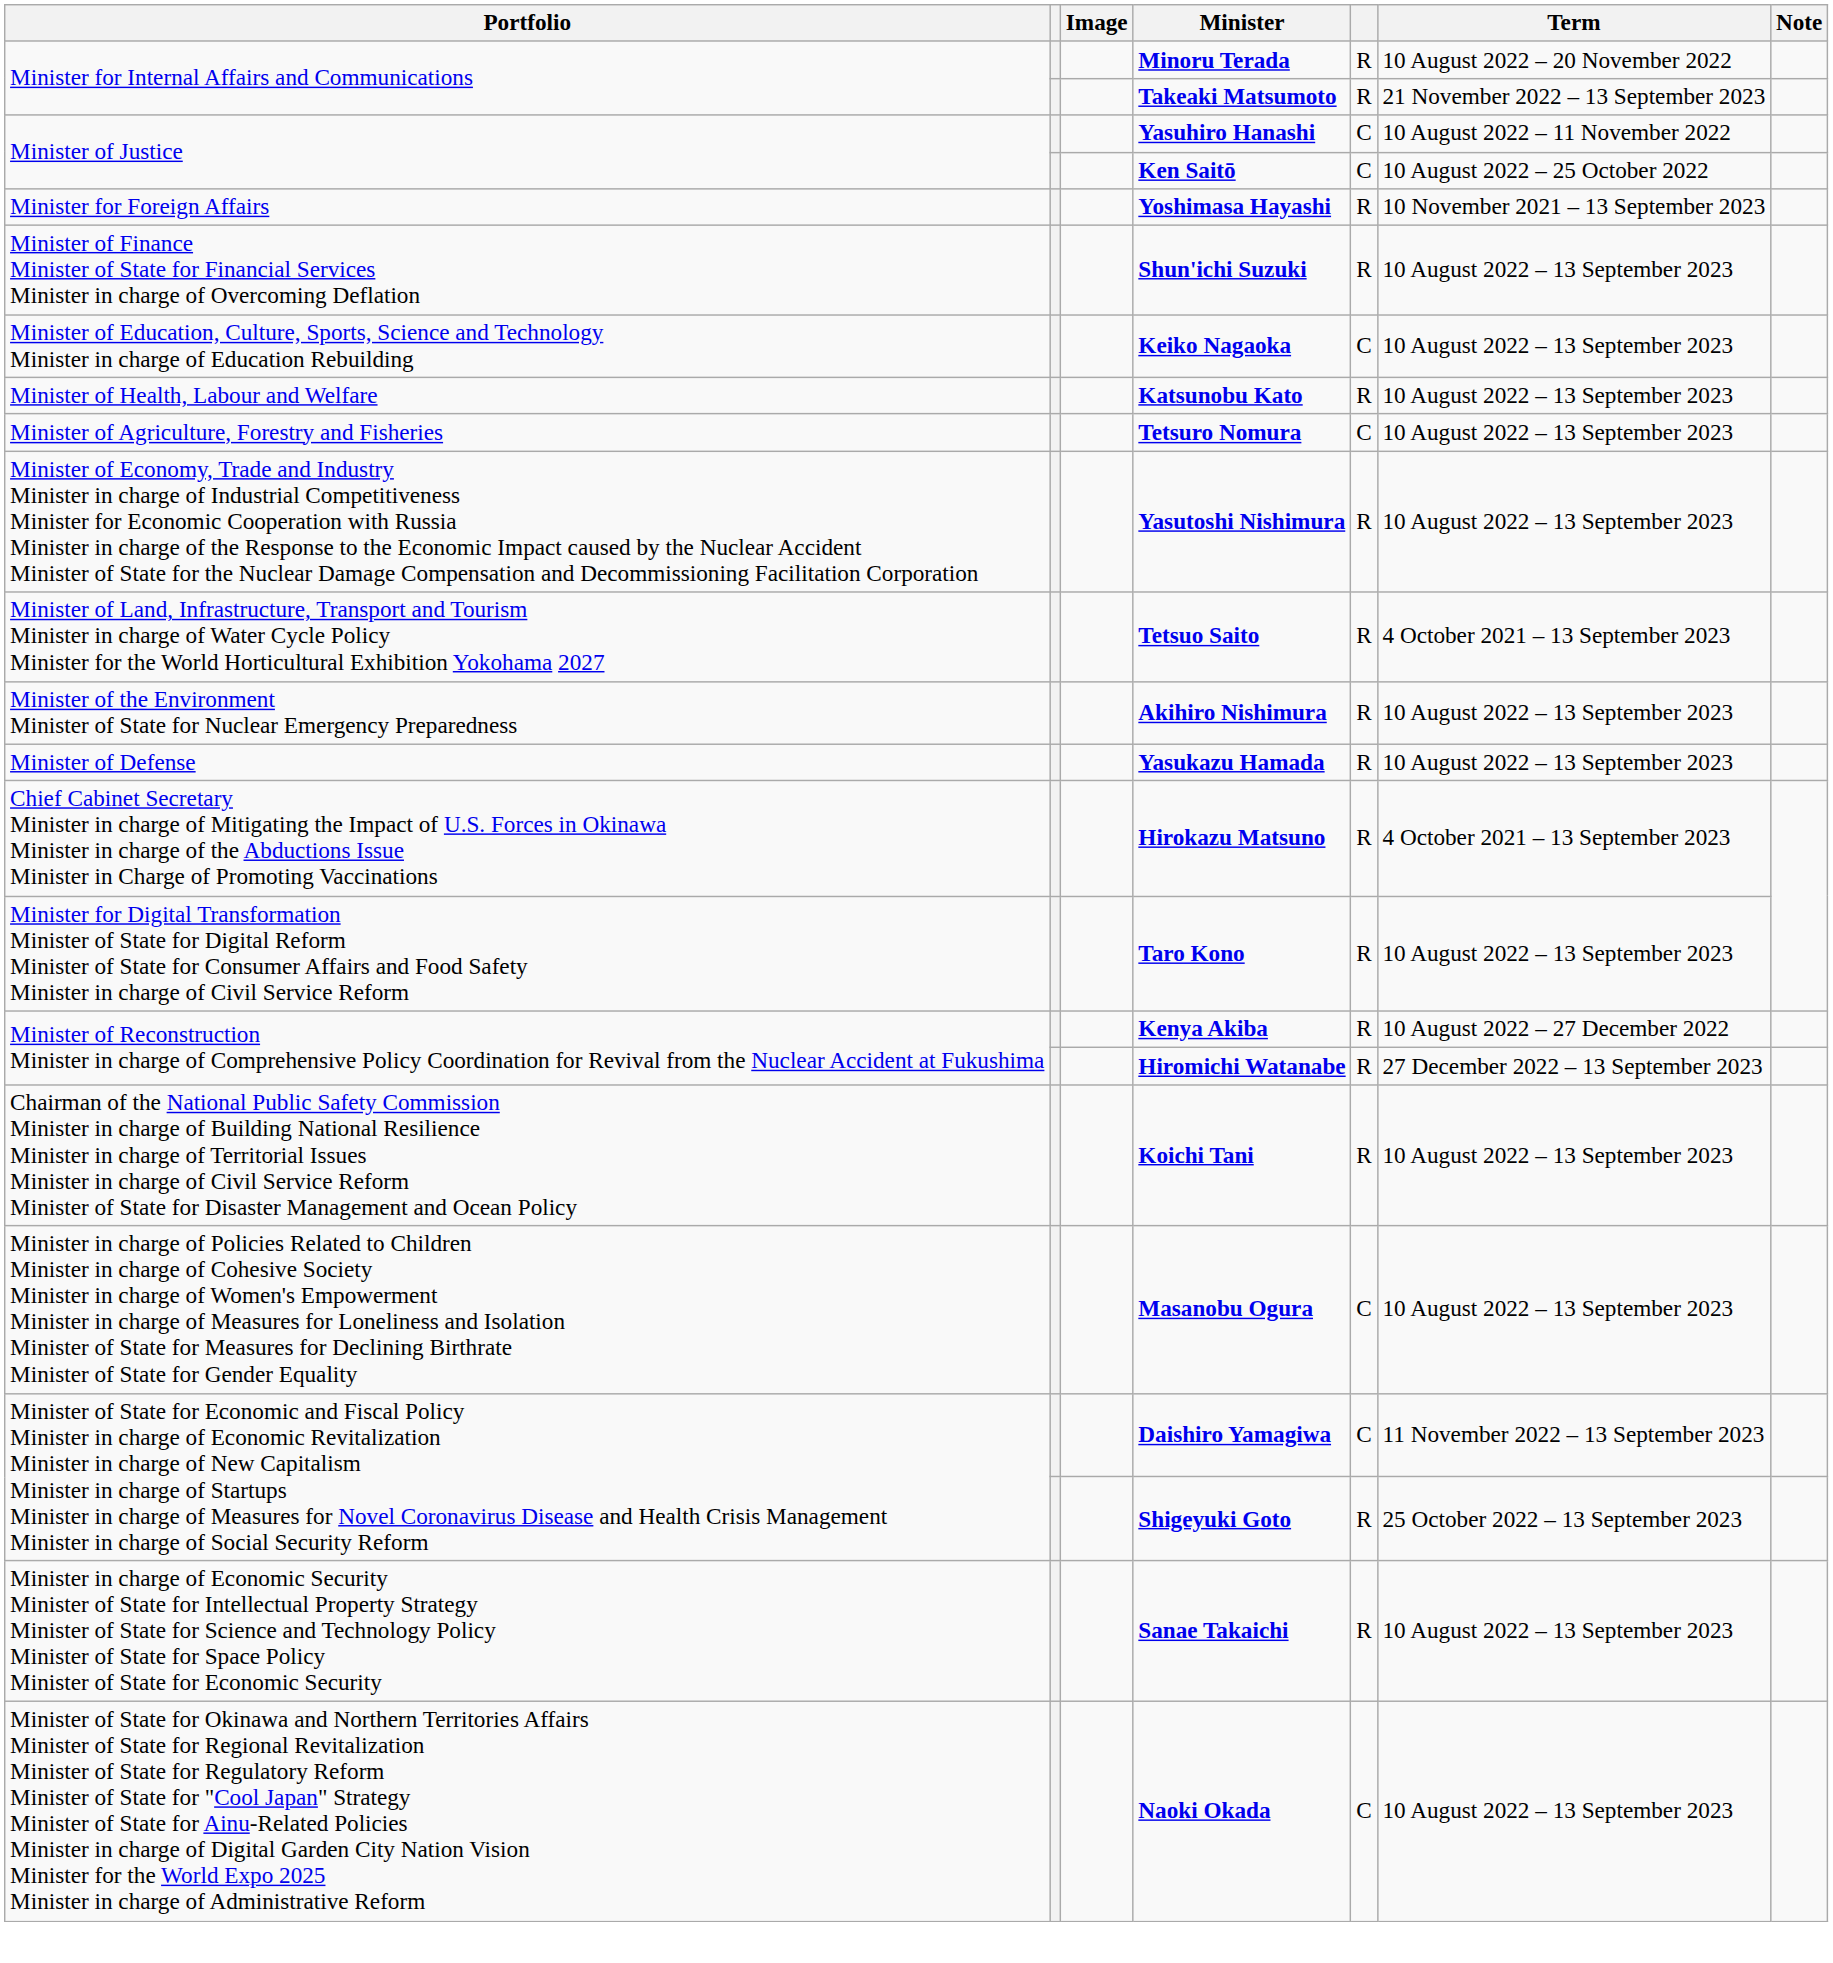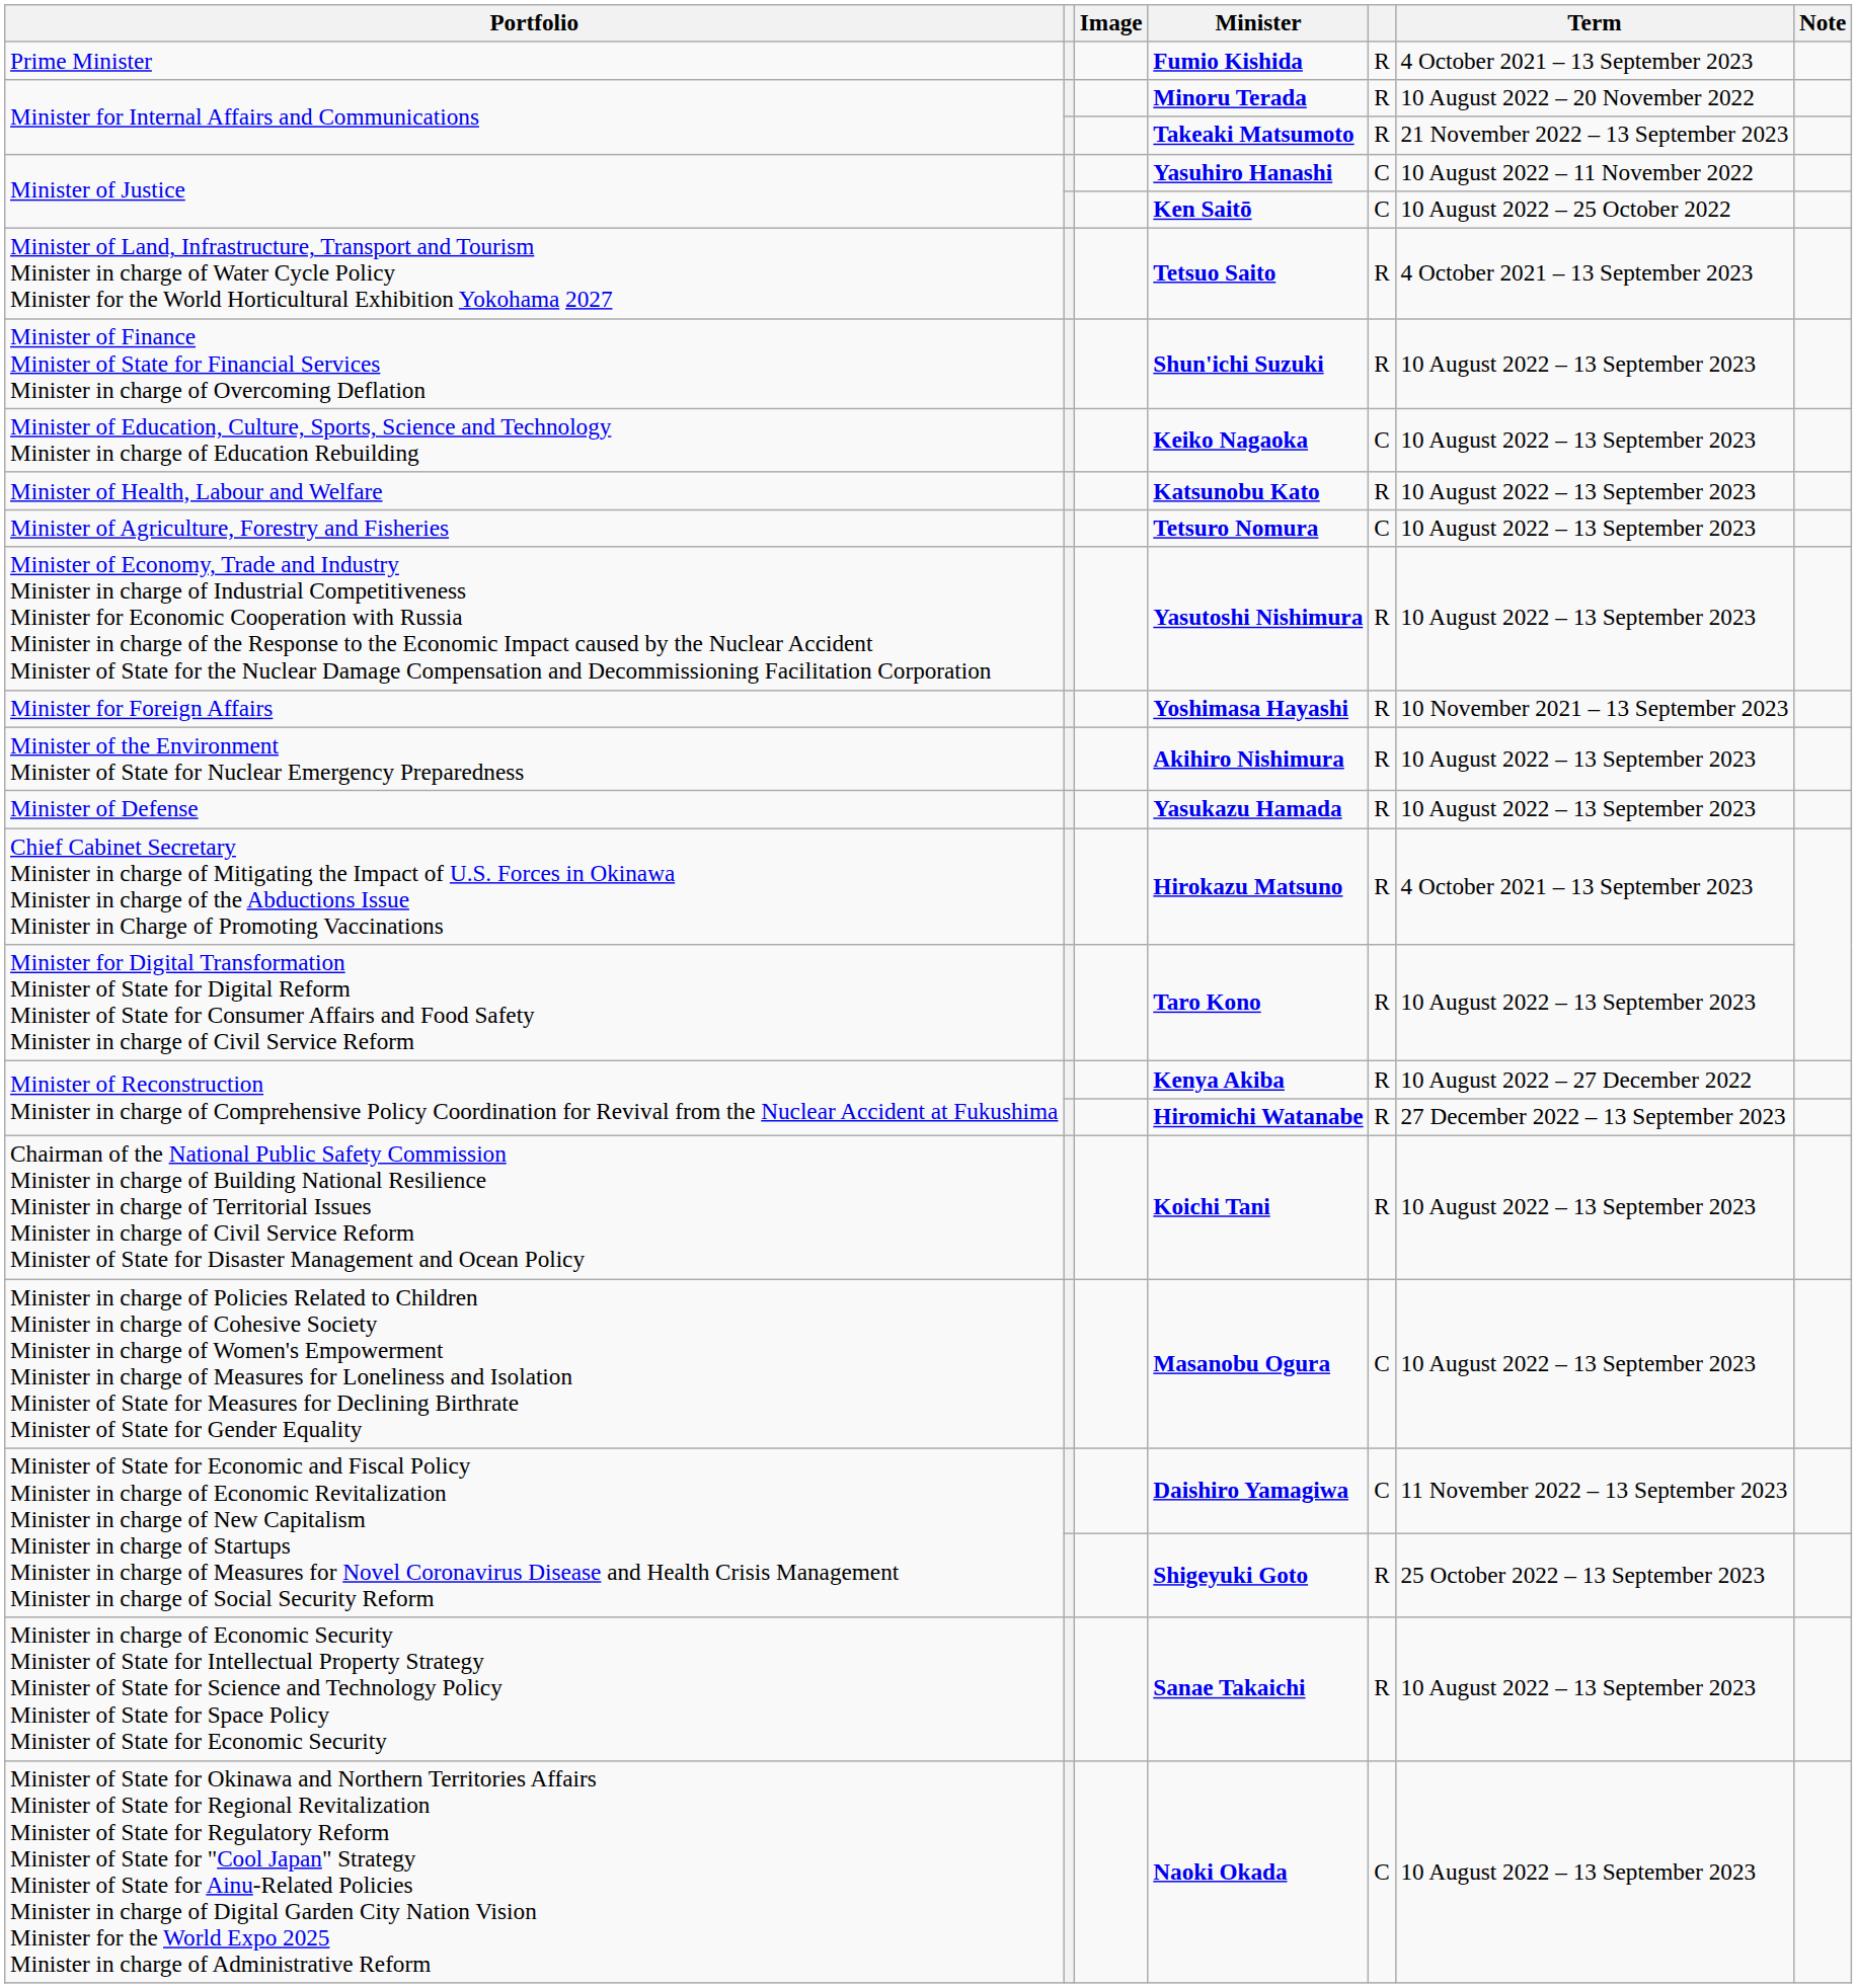 <table class="wikitable">
 <tr>
 <th>Portfolio</th>
 <th></th>
 <th>Image</th>
 <th>Minister</th>
 <th></th>
 <th>Term</th>
 <th>Note</th>
+</tr>
+<tr>
+<td><a href='#'>Prime Minister</a></td>
+<th style="color:inherit;background-color: "></th>
+<td style="text-align:center;"></td>
+<td><strong><a href='#'>Fumio Kishida</a></strong></td>
+<td>R</td>
+<td>4 October 2021 – 13 September 2023</td>
+<td></td>
 </tr>
 <tr>
 <td rowspan="2"><a href='#'>Minister for Internal Affairs and Communications</a></td>
 <th style="color:inherit;background-color: "></th>
 <td style="text-align:center;"></td>
 <td><strong><a href='#'>Minoru Terada</a></strong></td>
 <td>R</td>
 <td>10 August 2022 – 20 November 2022</td>
 <td></td>
 </tr>
 <tr>
 <th style="color:inherit;background-color: "></th>
 <td style="text-align:center;"></td>
 <td><strong><a href='#'>Takeaki Matsumoto</a></strong></td>
 <td>R</td>
 <td>21 November 2022 – 13 September 2023</td>
 <td></td>
 </tr>
 <tr>
 <td rowspan="2"><a href='#'>Minister of Justice</a></td>
 <th style="color:inherit;background-color: "></th>
 <td style="text-align:center;"></td>
 <td><strong><a href='#'>Yasuhiro Hanashi</a></strong></td>
 <td>C</td>
 <td>10 August 2022 – 11 November 2022</td>
 <td></td>
 </tr>
 <tr>
 <th style="color:inherit;background-color: "></th>
 <td style="text-align:center;"></td>
 <td><strong><a href='#'>Ken Saitō</a></strong></td>
 <td>C</td>
 <td>10 August 2022 – 25 October 2022</td>
 <td></td>
 </tr>
 <tr>
-<td><a href='#'>Minister for Foreign Affairs</a></td>
+<td><a href='#'>Minister of Land, Infrastructure, Transport and Tourism</a><br>Minister in charge of Water Cycle Policy<br>Minister for the World Horticultural Exhibition <a href='#'>Yokohama</a> <a href='#'>2027</a></td>
 <th style="color:inherit;background-color: "></th>
 <td style="text-align:center;"></td>
-<td><strong><a href='#'>Yoshimasa Hayashi</a></strong></td>
+<td><strong><a href='#'>Tetsuo Saito</a></strong></td>
 <td>R</td>
-<td>10 November 2021 – 13 September 2023</td>
+<td>4 October 2021 – 13 September 2023</td>
 <td></td>
 </tr>
 <tr>
 <td><a href='#'>Minister of Finance</a><br><a href='#'>Minister of State for Financial Services</a><br>Minister in charge of Overcoming Deflation</td>
 <th style="color:inherit;background-color: "></th>
 <td style="text-align:center;"></td>
 <td><strong><a href='#'>Shun'ichi Suzuki</a></strong></td>
 <td>R</td>
 <td>10 August 2022 – 13 September 2023</td>
 <td></td>
 </tr>
 <tr>
 <td><a href='#'>Minister of Education, Culture, Sports, Science and Technology</a><br>Minister in charge of Education Rebuilding</td>
 <th style="color:inherit;background-color: "></th>
 <td style="text-align:center;"></td>
 <td><strong><a href='#'>Keiko Nagaoka</a></strong></td>
 <td>C</td>
 <td>10 August 2022 – 13 September 2023</td>
 <td></td>
 </tr>
 <tr>
 <td><a href='#'>Minister of Health, Labour and Welfare</a></td>
 <th style="color:inherit;background-color: "></th>
 <td style="text-align:center;"></td>
 <td><strong><a href='#'>Katsunobu Kato</a></strong></td>
 <td>R</td>
 <td>10 August 2022 – 13 September 2023</td>
 <td></td>
 </tr>
 <tr>
 <td><a href='#'>Minister of Agriculture, Forestry and Fisheries</a></td>
 <th style="color:inherit;background-color: "></th>
 <td style="text-align:center;"></td>
 <td><strong><a href='#'>Tetsuro Nomura</a></strong></td>
 <td>C</td>
 <td>10 August 2022 – 13 September 2023</td>
 <td></td>
 </tr>
 <tr>
 <td><a href='#'>Minister of Economy, Trade and Industry</a><br>Minister in charge of Industrial Competitiveness<br>Minister for Economic Cooperation with Russia<br>Minister in charge of the Response to the Economic Impact caused by the Nuclear Accident<br>Minister of State for the Nuclear Damage Compensation and Decommissioning Facilitation Corporation</td>
 <th style="color:inherit;background-color: "></th>
 <td style="text-align:center;"></td>
 <td><strong><a href='#'>Yasutoshi Nishimura</a></strong></td>
 <td>R</td>
 <td>10 August 2022 – 13 September 2023</td>
 <td></td>
 </tr>
 <tr>
-<td><a href='#'>Minister of Land, Infrastructure, Transport and Tourism</a><br>Minister in charge of Water Cycle Policy<br>Minister for the World Horticultural Exhibition <a href='#'>Yokohama</a> <a href='#'>2027</a></td>
+<td><a href='#'>Minister for Foreign Affairs</a></td>
 <th style="color:inherit;background-color: "></th>
 <td style="text-align:center;"></td>
-<td><strong><a href='#'>Tetsuo Saito</a></strong></td>
+<td><strong><a href='#'>Yoshimasa Hayashi</a></strong></td>
 <td>R</td>
-<td>4 October 2021 – 13 September 2023</td>
+<td>10 November 2021 – 13 September 2023</td>
 <td></td>
 </tr>
 <tr>
 <td><a href='#'>Minister of the Environment</a><br>Minister of State for Nuclear Emergency Preparedness</td>
 <th style="color:inherit;background-color: "></th>
 <td style="text-align:center;"></td>
 <td><strong><a href='#'>Akihiro Nishimura</a></strong></td>
 <td>R</td>
 <td>10 August 2022 – 13 September 2023</td>
 <td></td>
 </tr>
 <tr>
 <td><a href='#'>Minister of Defense</a></td>
 <th style="color:inherit;background-color: "></th>
 <td style="text-align:center;"></td>
 <td><strong><a href='#'>Yasukazu Hamada</a></strong></td>
 <td>R</td>
 <td>10 August 2022 – 13 September 2023</td>
 <td></td>
 </tr>
 <tr>
 <td><a href='#'>Chief Cabinet Secretary</a><br>Minister in charge of Mitigating the Impact of <a href='#'>U.S. Forces in Okinawa</a><br>Minister in charge of the <a href='#'>Abductions Issue</a><br>Minister in Charge of Promoting Vaccinations</td>
 <th style="color:inherit;background-color: "></th>
 <td style="text-align:center;"></td>
 <td><strong><a href='#'>Hirokazu Matsuno</a></strong></td>
 <td>R</td>
 <td>4 October 2021 – 13 September 2023</td>
 </tr>
 <tr>
 <td><a href='#'>Minister for Digital Transformation</a><br>Minister of State for Digital Reform<br>Minister of State for Consumer Affairs and Food Safety<br>Minister in charge of Civil Service Reform</td>
 <th style="color:inherit;background-color: "></th>
 <td style="text-align:center;"></td>
 <td><strong><a href='#'>Taro Kono</a></strong></td>
 <td>R</td>
 <td>10 August 2022 – 13 September 2023</td>
 </tr>
 <tr>
 <td rowspan="2"><a href='#'>Minister of Reconstruction</a><br>Minister in charge of Comprehensive Policy Coordination for Revival from the <a href='#'>Nuclear Accident at Fukushima</a></td>
 <th style="color:inherit;background-color: "></th>
 <td style="text-align:center;"></td>
 <td><strong><a href='#'>Kenya Akiba</a></strong></td>
 <td>R</td>
 <td>10 August 2022 – 27 December 2022</td>
 <td></td>
 </tr>
 <tr>
 <th style="color:inherit;background-color: "></th>
 <td style="text-align:center;"></td>
 <td><strong><a href='#'>Hiromichi Watanabe</a></strong></td>
 <td>R</td>
 <td>27 December 2022 – 13 September 2023</td>
 <td></td>
 </tr>
 <tr>
 <td>Chairman of the <a href='#'>National Public Safety Commission</a><br>Minister in charge of Building National Resilience<br>Minister in charge of Territorial Issues<br>Minister in charge of Civil Service Reform<br>Minister of State for Disaster Management and Ocean Policy</td>
 <th style="color:inherit;background-color: "></th>
 <td style="text-align:center;"></td>
 <td><strong><a href='#'>Koichi Tani</a></strong></td>
 <td>R</td>
 <td>10 August 2022 – 13 September 2023</td>
 <td></td>
 </tr>
 <tr>
 <td>Minister in charge of Policies Related to Children<br>Minister in charge of Cohesive Society<br>Minister in charge of Women's Empowerment<br>Minister in charge of Measures for Loneliness and Isolation<br>Minister of State for Measures for Declining Birthrate<br>Minister of State for Gender Equality</td>
 <th style="color:inherit;background-color: "></th>
 <td style="text-align:center;"></td>
 <td><strong><a href='#'>Masanobu Ogura</a></strong></td>
 <td>C</td>
 <td>10 August 2022 – 13 September 2023</td>
 <td></td>
 </tr>
 <tr>
 <td rowspan="2">Minister of State for Economic and Fiscal Policy<br>Minister in charge of Economic Revitalization<br>Minister in charge of New Capitalism<br>Minister in charge of Startups<br>Minister in charge of Measures for <a href='#'>Novel Coronavirus Disease</a> and Health Crisis Management<br>Minister in charge of Social Security Reform</td>
 <th style="color:inherit;background-color: "></th>
 <td style="text-align:center;"></td>
 <td><strong><a href='#'>Daishiro Yamagiwa</a></strong></td>
 <td>C</td>
 <td>11 November 2022 – 13 September 2023</td>
 <td></td>
 </tr>
 <tr>
 <th style="color:inherit;background-color: "></th>
 <td style="text-align:center;"></td>
 <td><strong><a href='#'>Shigeyuki Goto</a></strong></td>
 <td>R</td>
 <td>25 October 2022 – 13 September 2023</td>
 <td></td>
 </tr>
 <tr>
 <td>Minister in charge of Economic Security<br>Minister of State for Intellectual Property Strategy<br>Minister of State for Science and Technology Policy<br>Minister of State for Space Policy<br>Minister of State for Economic Security</td>
 <th style="color:inherit;background-color: "></th>
 <td style="text-align:center;"></td>
 <td><strong><a href='#'>Sanae Takaichi</a></strong></td>
 <td>R</td>
 <td>10 August 2022 – 13 September 2023</td>
 <td></td>
 </tr>
 <tr>
 <td>Minister of State for Okinawa and Northern Territories Affairs<br>Minister of State for Regional Revitalization<br>Minister of State for Regulatory Reform<br>Minister of State for "<a href='#'>Cool Japan</a>" Strategy<br>Minister of State for <a href='#'>Ainu</a>-Related Policies<br>Minister in charge of Digital Garden City Nation Vision<br>Minister for the <a href='#'>World Expo 2025</a><br>Minister in charge of Administrative Reform</td>
 <th style="color:inherit;background-color: "></th>
 <td style="text-align:center;"></td>
 <td><strong><a href='#'>Naoki Okada</a></strong></td>
 <td>C</td>
 <td>10 August 2022 – 13 September 2023</td>
 <td></td>
 </tr>
 </table>
